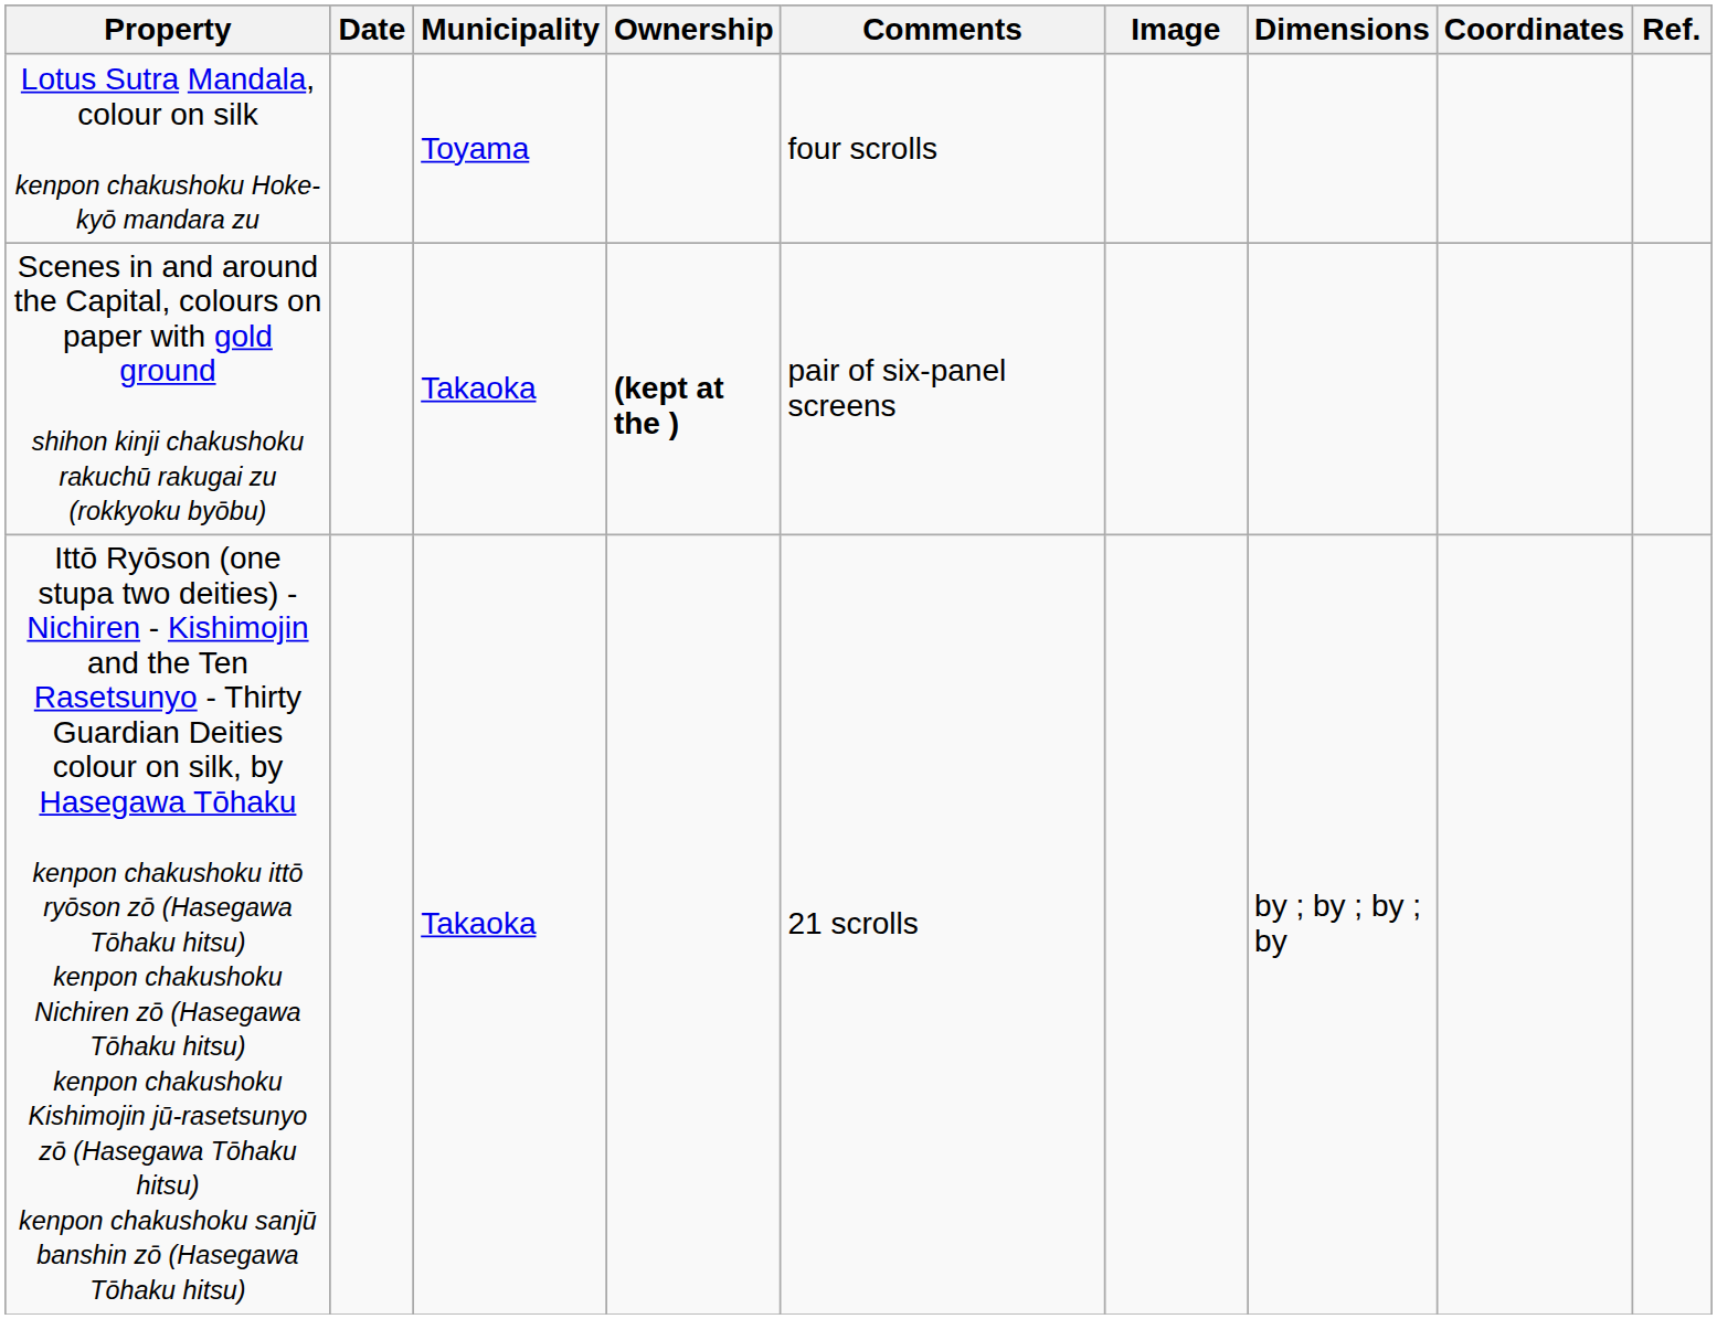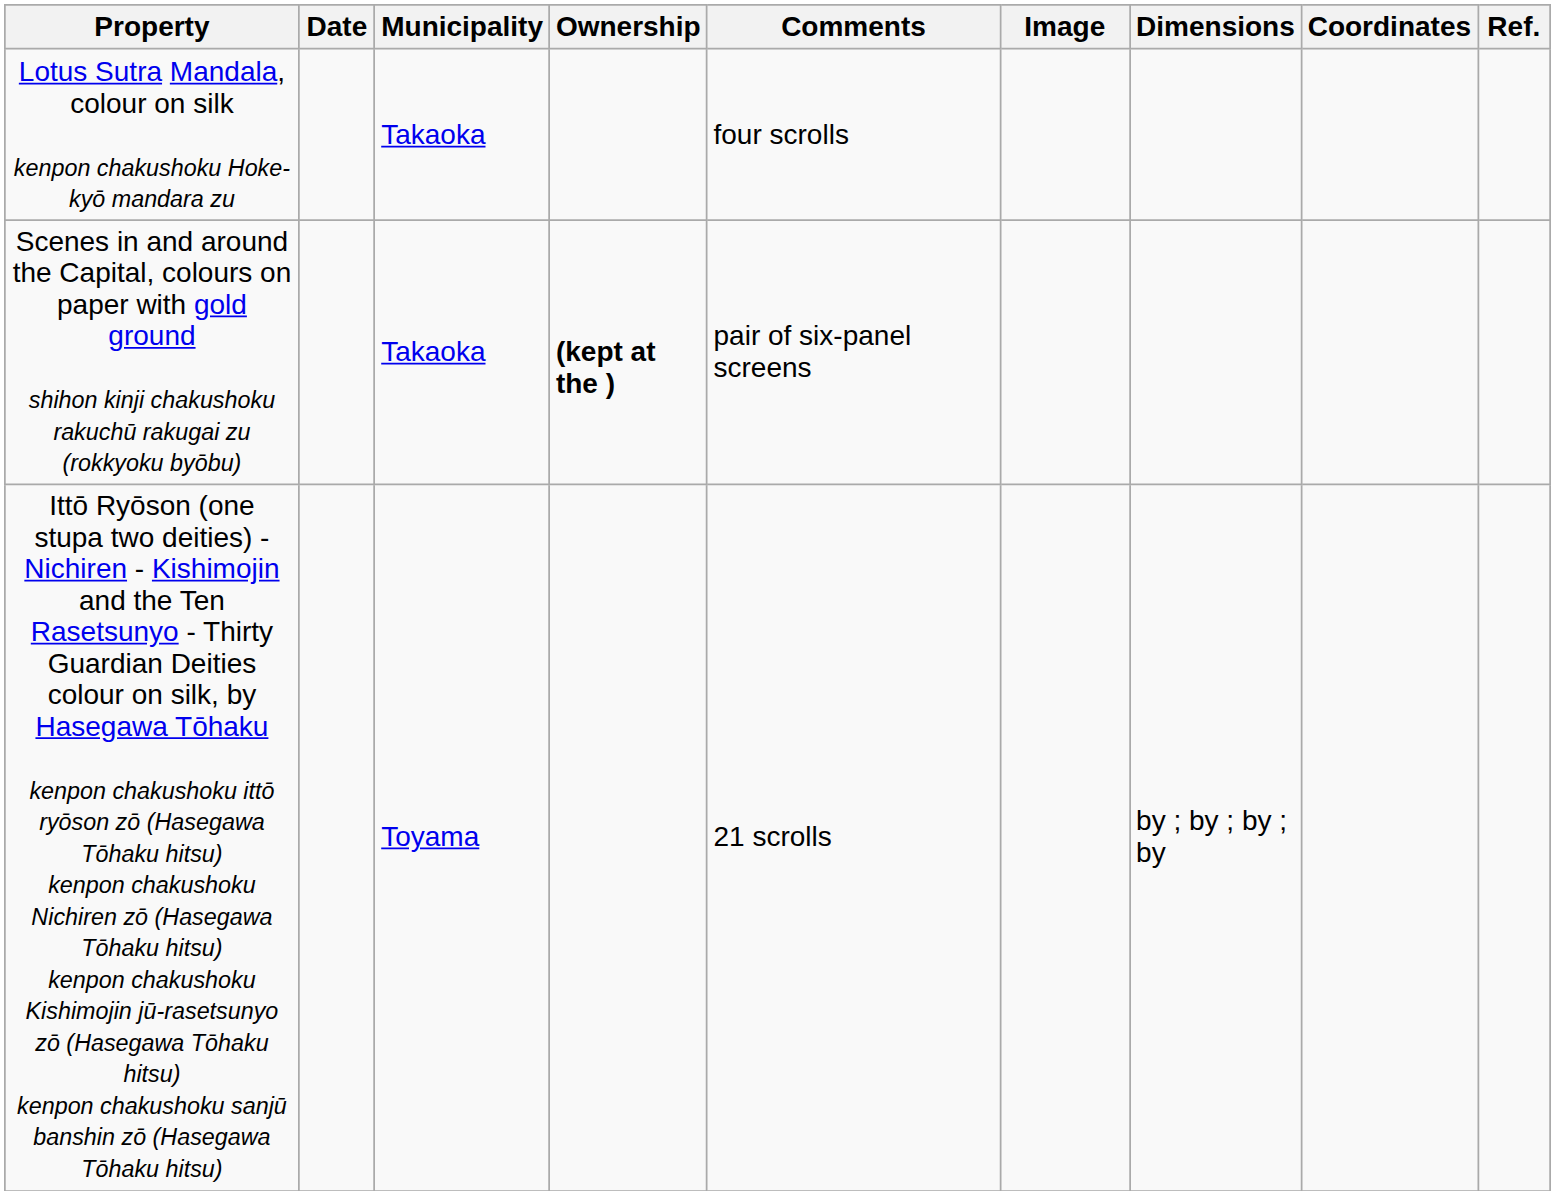 <table class="wikitable sortable"  style="width:100%;">
 <tr>
 <th width="25%" align="left">Property</th>
 <th width="5%" align="left">Date</th>
 <th width="10%" align="left">Municipality</th>
 <th width="10%" align="left">Ownership</th>
 <th width="25%" align="left" class="unsortable">Comments</th>
 <th width="10%" align="left" class="unsortable">Image</th>
 <th width="5%" align="left" class="unsortable">Dimensions</th>
 <th width="5%" align="left" class="unsortable">Coordinates</th>
 <th width="5%" align="left" class="unsortable">Ref.</th>
 </tr>
 <tr>
 <td align="center"><a href='#'>Lotus Sutra</a> <a href='#'>Mandala</a>, colour on silk<br><br><small><em>kenpon chakushoku Hoke-kyō mandara zu</em></small></td>
 <td></td>
-<td><a href='#'>Toyama</a></td>
+<td><a href='#'>Takaoka</a></td>
 <td></td>
 <td>four scrolls</td>
 <td></td>
 <td></td>
 <td></td>
 <td></td>
 </tr>
 <tr>
 <td align="center">Scenes in and around the Capital, colours on paper with <a href='#'>gold ground</a><br><br><small><em>shihon kinji chakushoku rakuchū rakugai zu (rokkyoku byōbu)</em></small></td>
 <td></td>
 <td><a href='#'>Takaoka</a></td>
 <td><strong><br>(kept at the )</strong></td>
 <td>pair of six-panel screens</td>
 <td> </td>
 <td></td>
 <td></td>
 <td></td>
 </tr>
 <tr>
 <td align="center">Ittō Ryōson (one stupa two deities) - <a href='#'>Nichiren</a> - <a href='#'>Kishimojin</a> and the Ten <a href='#'>Rasetsunyo</a> - Thirty Guardian Deities<br>colour on silk, by <a href='#'>Hasegawa Tōhaku</a><br><br><small><em>kenpon chakushoku ittō ryōson zō (Hasegawa Tōhaku hitsu)<br>kenpon chakushoku Nichiren zō (Hasegawa Tōhaku hitsu)<br>kenpon chakushoku Kishimojin jū-rasetsunyo zō (Hasegawa Tōhaku hitsu)<br>kenpon chakushoku sanjū banshin zō (Hasegawa Tōhaku hitsu)</em></small></td>
 <td></td>
-<td><a href='#'>Takaoka</a></td>
+<td><a href='#'>Toyama</a></td>
 <td></td>
 <td>21 scrolls</td>
 <td>   </td>
 <td> by ;  by ;  by ;  by </td>
 <td></td>
 <td>   </td>
 </tr>
 <tr>
 </tr>
 </table>
